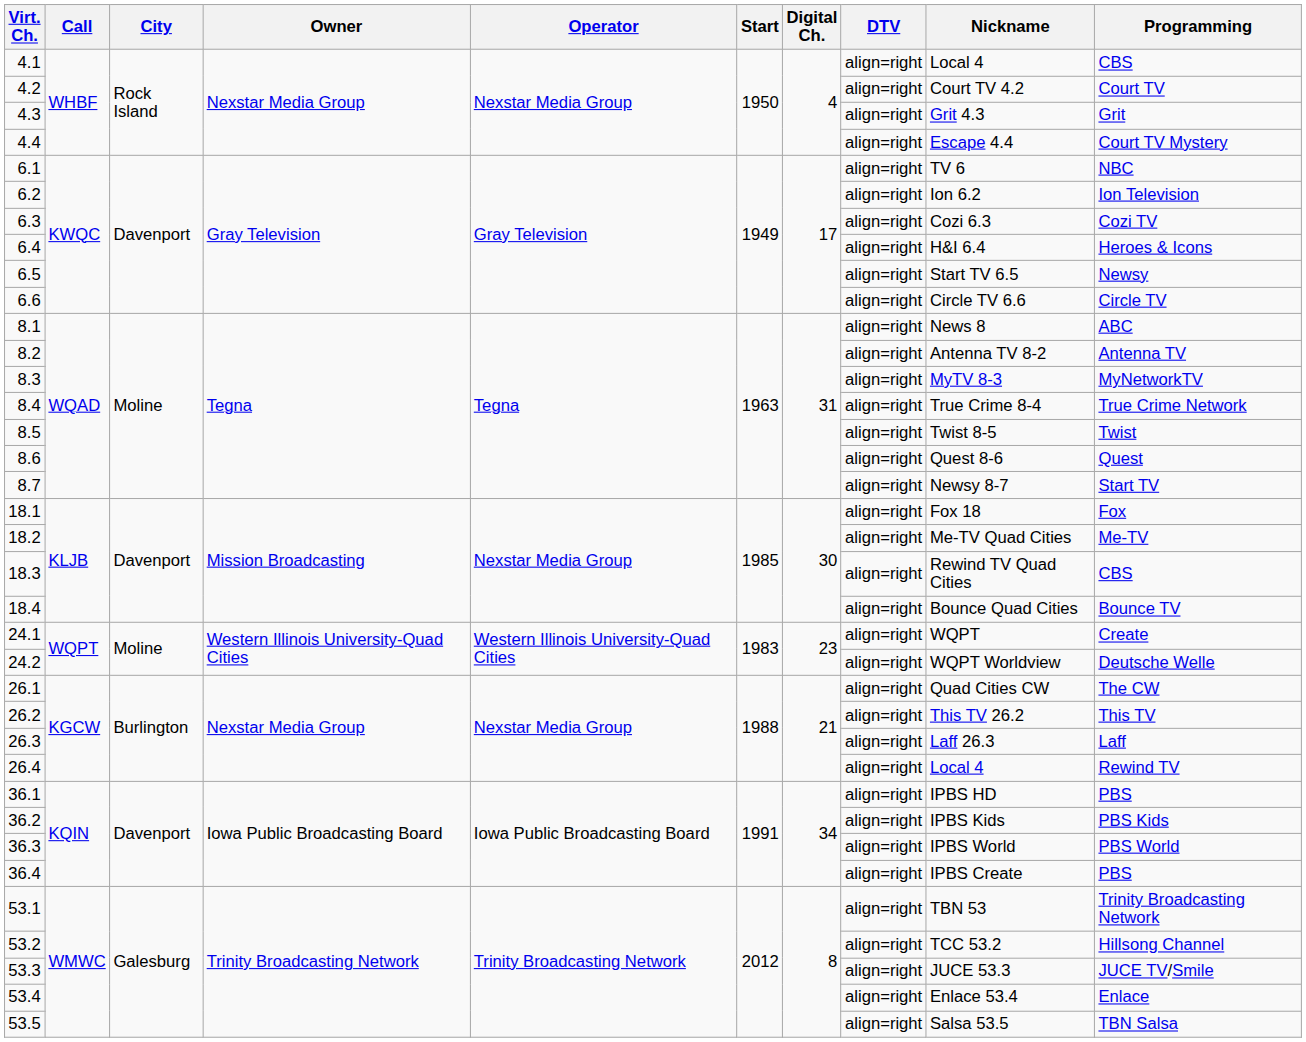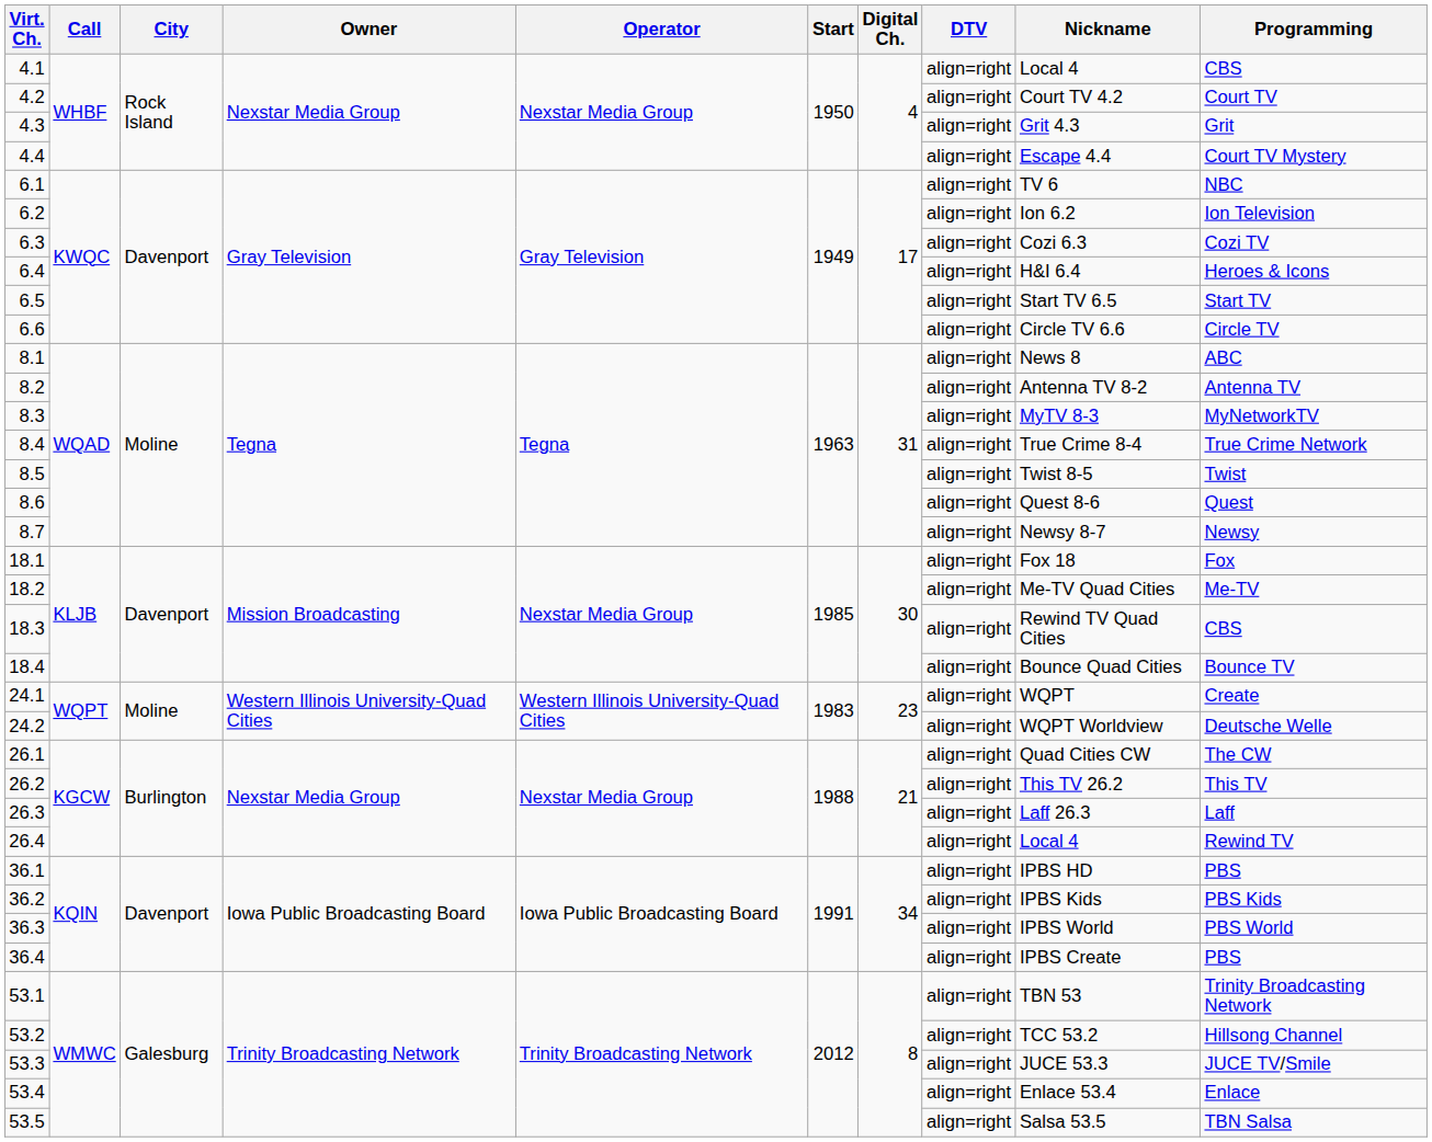 <table class="wikitable sortable">
 <tr>
 <th><a href='#'>Virt.<br>Ch.</a></th>
 <th><a href='#'>Call</a></th>
 <th><a href='#'>City</a></th>
 <th>Owner</th>
 <th><a href='#'>Operator</a></th>
 <th>Start</th>
 <th>Digital<br>Ch.</th>
 <th><a href='#'>DTV</a></th>
 <th>Nickname</th>
 <th>Programming</th>
 </tr>
 <tr>
 <td align=right>4.1</td>
 <td rowspan="4"><a href='#'>WHBF</a></td>
 <td rowspan="4">Rock Island</td>
 <td rowspan="4"><a href='#'>Nexstar Media Group</a></td>
 <td rowspan="4"><a href='#'>Nexstar Media Group</a></td>
 <td rowspan="4" align=right>1950</td>
 <td rowspan="4" align=right>4</td>
 <td>align=right </td>
 <td>Local 4</td>
 <td><a href='#'>CBS</a></td>
 </tr>
 <tr>
 <td align=right>4.2</td>
 <td>align=right </td>
 <td>Court TV 4.2</td>
 <td><a href='#'>Court TV</a></td>
 </tr>
 <tr>
 <td align=right>4.3</td>
 <td>align=right </td>
 <td><a href='#'>Grit</a> 4.3</td>
 <td><a href='#'>Grit</a></td>
 </tr>
 <tr>
 <td align=right>4.4</td>
 <td>align=right </td>
 <td><a href='#'>Escape</a> 4.4</td>
 <td><a href='#'>Court TV Mystery</a></td>
 </tr>
 <tr>
 <td align=right>6.1</td>
 <td rowspan="6"><a href='#'>KWQC</a></td>
 <td rowspan="6">Davenport</td>
 <td rowspan="6"><a href='#'>Gray Television</a></td>
 <td rowspan="6"><a href='#'>Gray Television</a></td>
 <td rowspan="6" align=right>1949</td>
 <td rowspan="6" align=right>17</td>
 <td>align=right </td>
 <td>TV 6</td>
 <td><a href='#'>NBC</a></td>
 </tr>
 <tr>
 <td align=right>6.2</td>
 <td>align=right </td>
 <td>Ion 6.2</td>
 <td><a href='#'>Ion Television</a></td>
 </tr>
 <tr>
 <td align=right>6.3</td>
 <td>align=right </td>
 <td>Cozi 6.3</td>
 <td><a href='#'>Cozi TV</a></td>
 </tr>
 <tr>
 <td align=right>6.4</td>
 <td>align=right </td>
 <td>H&I 6.4</td>
 <td><a href='#'>Heroes & Icons</a></td>
 </tr>
 <tr>
 <td align=right>6.5</td>
 <td>align=right </td>
 <td>Start TV 6.5</td>
-<td><a href='#'>Newsy</a></td>
+<td><a href='#'>Start TV</a></td>
 </tr>
 <tr>
 <td align=right>6.6</td>
 <td>align=right </td>
 <td>Circle TV 6.6</td>
 <td><a href='#'>Circle TV</a></td>
 </tr>
 <tr>
 <td align=right>8.1</td>
 <td rowspan="7"><a href='#'>WQAD</a></td>
 <td rowspan="7">Moline</td>
 <td rowspan="7"><a href='#'>Tegna</a></td>
 <td rowspan="7"><a href='#'>Tegna</a></td>
 <td rowspan="7" align=right>1963</td>
 <td rowspan="7" align=right>31</td>
 <td>align=right </td>
 <td>News 8</td>
 <td><a href='#'>ABC</a></td>
 </tr>
 <tr>
 <td align=right>8.2</td>
 <td>align=right </td>
 <td>Antenna TV 8-2</td>
 <td><a href='#'>Antenna TV</a></td>
 </tr>
 <tr>
 <td align=right>8.3</td>
 <td>align=right </td>
 <td><a href='#'>MyTV 8-3</a></td>
 <td><a href='#'>MyNetworkTV</a></td>
 </tr>
 <tr>
 <td align=right>8.4</td>
 <td>align=right </td>
 <td>True Crime 8-4</td>
 <td><a href='#'>True Crime Network</a></td>
 </tr>
 <tr>
 <td align=right>8.5</td>
 <td>align=right </td>
 <td>Twist 8-5</td>
 <td><a href='#'>Twist</a></td>
 </tr>
 <tr>
 <td align=right>8.6</td>
 <td>align=right </td>
 <td>Quest 8-6</td>
 <td><a href='#'>Quest</a></td>
 </tr>
 <tr>
 <td align=right>8.7</td>
 <td>align=right </td>
 <td>Newsy 8-7</td>
-<td><a href='#'>Start TV</a></td>
+<td><a href='#'>Newsy</a></td>
 </tr>
 <tr>
 <td align=right>18.1</td>
 <td rowspan="4"><a href='#'>KLJB</a></td>
 <td rowspan="4">Davenport</td>
 <td rowspan="4"><a href='#'>Mission Broadcasting</a></td>
 <td rowspan="4"><a href='#'>Nexstar Media Group</a></td>
 <td rowspan="4" align=right>1985</td>
 <td rowspan="4" align=right>30</td>
 <td>align=right </td>
 <td>Fox 18</td>
 <td><a href='#'>Fox</a></td>
 </tr>
 <tr>
 <td align=right>18.2</td>
 <td>align=right </td>
 <td>Me-TV Quad Cities</td>
 <td><a href='#'>Me-TV</a></td>
 </tr>
 <tr>
 <td align=right>18.3</td>
 <td>align=right </td>
 <td>Rewind TV Quad Cities</td>
 <td><a href='#'>CBS</a></td>
 </tr>
 <tr>
 <td align=right>18.4</td>
 <td>align=right </td>
 <td>Bounce Quad Cities</td>
 <td><a href='#'>Bounce TV</a></td>
 </tr>
 <tr>
 <td align=right>24.1</td>
 <td rowspan="2"><a href='#'>WQPT</a></td>
 <td rowspan="2">Moline</td>
 <td rowspan="2"><a href='#'>Western Illinois University-Quad Cities</a></td>
 <td rowspan="2"><a href='#'>Western Illinois University-Quad Cities</a></td>
 <td rowspan="2" align=right>1983</td>
 <td rowspan="2" align=right>23</td>
 <td>align=right </td>
 <td>WQPT</td>
 <td><a href='#'>Create</a></td>
 </tr>
 <tr>
 <td align=right>24.2</td>
 <td>align=right </td>
 <td>WQPT Worldview</td>
 <td><a href='#'>Deutsche Welle</a></td>
 </tr>
 <tr>
 <td align=right>26.1</td>
 <td rowspan="4"><a href='#'>KGCW</a></td>
 <td rowspan="4">Burlington</td>
 <td rowspan="4"><a href='#'>Nexstar Media Group</a></td>
 <td rowspan="4"><a href='#'>Nexstar Media Group</a></td>
 <td rowspan="4" align=right>1988</td>
 <td rowspan="4" align=right>21</td>
 <td>align=right </td>
 <td>Quad Cities CW</td>
 <td><a href='#'>The CW</a></td>
 </tr>
 <tr>
 <td align=right>26.2</td>
 <td>align=right </td>
 <td><a href='#'>This TV</a> 26.2</td>
 <td><a href='#'>This TV</a></td>
 </tr>
 <tr>
 <td align=right>26.3</td>
 <td>align=right </td>
 <td><a href='#'>Laff</a> 26.3</td>
 <td><a href='#'>Laff</a></td>
 </tr>
 <tr>
 <td align=right>26.4</td>
 <td>align=right </td>
 <td><a href='#'>Local 4</a></td>
 <td><a href='#'>Rewind TV</a></td>
 </tr>
 <tr>
 <td align=right>36.1</td>
 <td rowspan="4"><a href='#'>KQIN</a></td>
 <td rowspan="4">Davenport</td>
 <td rowspan="4">Iowa Public Broadcasting Board</td>
 <td rowspan="4">Iowa Public Broadcasting Board</td>
 <td rowspan="4" align=right>1991</td>
 <td rowspan="4" align=right>34</td>
 <td>align=right </td>
 <td>IPBS HD</td>
 <td><a href='#'>PBS</a></td>
 </tr>
 <tr>
 <td align=right>36.2</td>
 <td>align=right </td>
 <td>IPBS Kids</td>
 <td><a href='#'>PBS Kids</a></td>
 </tr>
 <tr>
 <td align=right>36.3</td>
 <td>align=right </td>
 <td>IPBS World</td>
 <td><a href='#'>PBS World</a></td>
 </tr>
 <tr>
 <td align=right>36.4</td>
 <td>align=right </td>
 <td>IPBS Create</td>
 <td><a href='#'>PBS</a></td>
 </tr>
 <tr>
 <td align=right>53.1</td>
 <td rowspan="5"><a href='#'>WMWC</a></td>
 <td rowspan="5">Galesburg</td>
 <td rowspan="5"><a href='#'>Trinity Broadcasting Network</a></td>
 <td rowspan="5"><a href='#'>Trinity Broadcasting Network</a></td>
 <td rowspan="5" align=right>2012</td>
 <td rowspan="5" align=right>8</td>
 <td>align=right </td>
 <td>TBN 53</td>
 <td><a href='#'>Trinity Broadcasting Network</a></td>
 </tr>
 <tr>
 <td align=right>53.2</td>
 <td>align=right </td>
 <td>TCC 53.2</td>
 <td><a href='#'>Hillsong Channel</a></td>
 </tr>
 <tr>
 <td align=right>53.3</td>
 <td>align=right </td>
 <td>JUCE 53.3</td>
 <td><a href='#'>JUCE TV</a>/<a href='#'>Smile</a></td>
 </tr>
 <tr>
 <td align=right>53.4</td>
 <td>align=right </td>
 <td>Enlace 53.4</td>
 <td><a href='#'>Enlace</a></td>
 </tr>
 <tr>
 <td align=right>53.5</td>
 <td>align=right </td>
 <td>Salsa 53.5</td>
 <td><a href='#'>TBN Salsa</a></td>
 </tr>
 </table>
